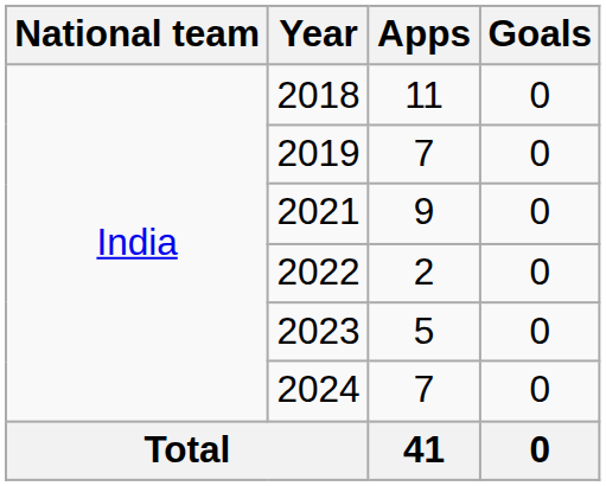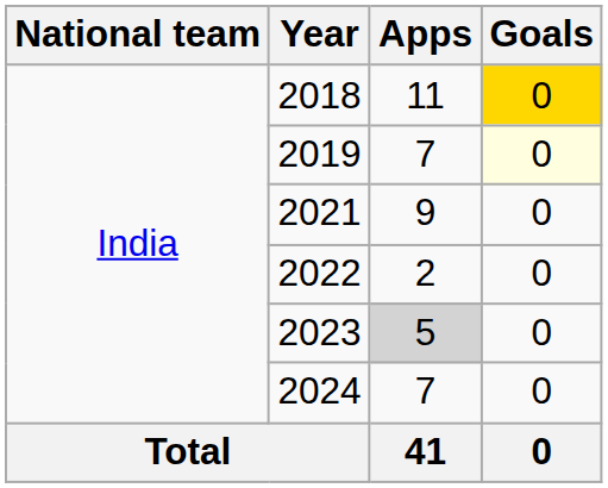 <table class="wikitable" style="text-align: center;">
 <tr>
 <th>National team</th>
 <th>Year</th>
 <th>Apps</th>
 <th>Goals</th>
 </tr>
 <tr>
 <td rowspan="6"><a href='#'>India</a></td>
 <td>2018</td>
 <td>11</td>
-<td>0</td>
+<td style="background: gold;">0</td>
 </tr>
 <tr>
 <td>2019</td>
 <td>7</td>
-<td>0</td>
+<td style="background: lightyellow;">0</td>
 </tr>
 <tr>
 <td>2021</td>
 <td>9</td>
 <td>0</td>
 </tr>
 <tr>
 <td>2022</td>
 <td>2</td>
 <td>0</td>
 </tr>
 <tr>
 <td>2023</td>
-<td>5</td>
+<td style="background: lightgrey;">5</td>
 <td>0</td>
 </tr>
 <tr>
 <td>2024</td>
 <td>7</td>
 <td>0</td>
 </tr>
 <tr>
 <th colspan="2">Total</th>
 <th>41</th>
 <th>0</th>
 </tr>
 </table>
